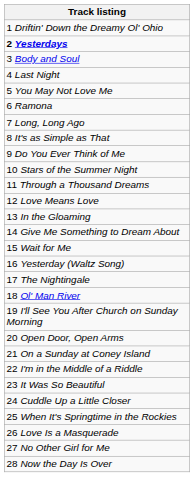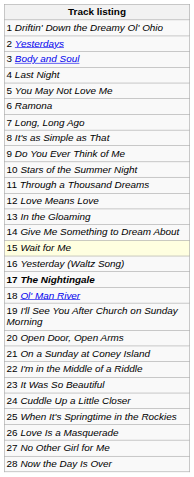 <table class="wikitable collapsible collapsed" style="width:300px;">
 <tr>
 <th>Track listing</th>
 </tr>
 <tr>
 <td>1 <em>Driftin' Down the Dreamy Ol' Ohio</em></td>
 </tr>
 <tr>
-<td><strong>2 <em><a href='#'>Yesterdays</a></em></strong></td>
+<td>2 <em><a href='#'>Yesterdays</a></em></td>
 </tr>
 <tr>
 <td>3 <em><a href='#'>Body and Soul</a></em></td>
 </tr>
 <tr>
 <td>4 <em>Last Night</em></td>
 </tr>
 <tr>
 <td>5 <em>You May Not Love Me</em></td>
 </tr>
 <tr>
 <td>6 <em>Ramona</em></td>
 </tr>
 <tr>
 <td>7 <em>Long, Long Ago</em></td>
 </tr>
 <tr>
 <td>8 <em>It's as Simple as That</em></td>
 </tr>
 <tr>
 <td>9 <em>Do You Ever Think of Me</em></td>
 </tr>
 <tr>
 <td>10 <em>Stars of the Summer Night</em></td>
 </tr>
 <tr>
 <td>11 <em>Through a Thousand Dreams</em></td>
 </tr>
 <tr>
 <td>12 <em>Love Means Love</em></td>
 </tr>
 <tr>
 <td>13 <em>In the Gloaming</em></td>
 </tr>
 <tr>
 <td>14 <em>Give Me Something to Dream About</em></td>
 </tr>
 <tr>
-<td>15 <em>Wait for Me</em></td>
+<td style="background: lightyellow;">15 <em>Wait for Me</em></td>
 </tr>
 <tr>
 <td>16 <em>Yesterday (Waltz Song)</em></td>
 </tr>
 <tr>
-<td>17 <em>The Nightingale</em></td>
+<td><strong>17 <em>The Nightingale</em></strong></td>
 </tr>
 <tr>
 <td>18 <em><a href='#'>Ol' Man River</a></em></td>
 </tr>
 <tr>
 <td>19 <em>I'll See You After Church on Sunday Morning</em></td>
 </tr>
 <tr>
 <td>20 <em>Open Door, Open Arms</em></td>
 </tr>
 <tr>
 <td>21 <em>On a Sunday at Coney Island</em></td>
 </tr>
 <tr>
 <td>22 <em>I'm in the Middle of a Riddle</em></td>
 </tr>
 <tr>
 <td>23 <em>It Was So Beautiful</em></td>
 </tr>
 <tr>
 <td>24 <em>Cuddle Up a Little Closer</em></td>
 </tr>
 <tr>
 <td>25 <em>When It's Springtime in the Rockies</em></td>
 </tr>
 <tr>
 <td>26 <em>Love Is a Masquerade</em></td>
 </tr>
 <tr>
 <td>27 <em>No Other Girl for Me</em></td>
 </tr>
 <tr>
 <td>28 <em>Now the Day Is Over</em></td>
 </tr>
 </table>
